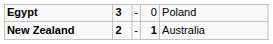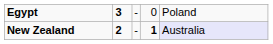 <table class="wikitable">
 <tr>
 <td width=150> <strong>Egypt</strong></td>
 <td style="width:20px; text-align:left;"><strong>3</strong></td>
 <td>-</td>
 <td style="width:20px; text-align:right;">0</td>
 <td width=150> Poland</td>
 </tr>
 <tr>
 <td> <strong>New Zealand</strong></td>
 <td style="text-align:left;"><strong>2</strong></td>
 <td>-</td>
 <td style="text-align:right;"><strong>1</strong></td>
-<td> Australia</td>
+<td style="background: lavender;"> Australia</td>
 </tr>
 </table>
